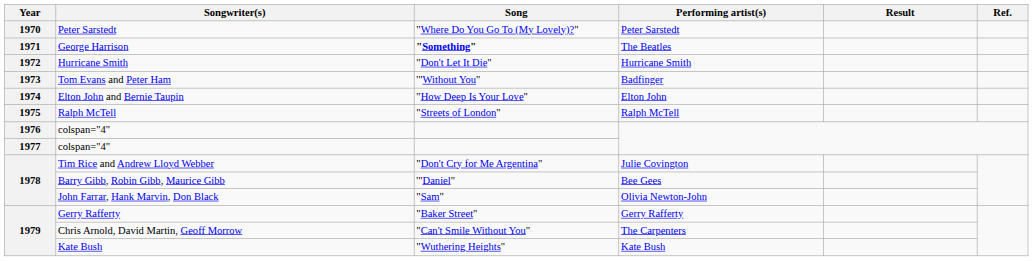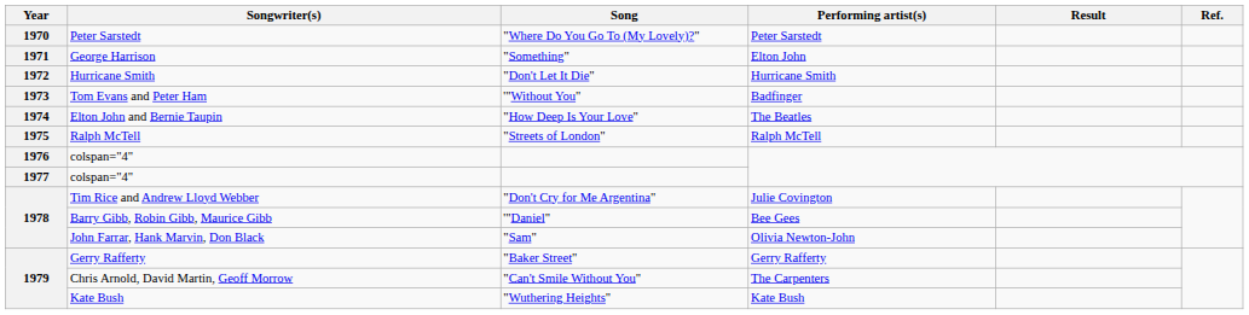 <table class="wikitable sortable" style="width:98%">
 <tr>
 <th scope="col" width="5%">Year</th>
 <th scope="col" width="35%">Songwriter(s)</th>
 <th scope="col" width="20%">Song</th>
 <th scope="col" width="20%">Performing artist(s)</th>
 <th scope="col" width="15%">Result</th>
 <th scope="col" class="unsortable" width="5%">Ref.</th>
 </tr>
 <tr>
 <th scope="row">1970</th>
 <td><a href='#'>Peter Sarstedt</a></td>
 <td>"<a href='#'>Where Do You Go To (My Lovely)?</a>"</td>
 <td><a href='#'>Peter Sarstedt</a></td>
 <td></td>
 <td align="center"></td>
 </tr>
 <tr>
 <th scope="row">1971</th>
 <td><a href='#'>George Harrison</a></td>
-<td><strong>"<a href='#'>Something</a>"</strong></td>
-<td><a href='#'>The Beatles</a></td>
+<td>"<a href='#'>Something</a>"</td>
+<td><a href='#'>Elton John</a></td>
 <td></td>
 <td align="center"></td>
 </tr>
 <tr>
 <th scope="row">1972</th>
 <td><a href='#'>Hurricane Smith</a></td>
 <td>"<a href='#'>Don't Let It Die</a>"</td>
 <td><a href='#'>Hurricane Smith</a></td>
 <td></td>
 <td align="center"></td>
 </tr>
 <tr>
 <th scope="row">1973</th>
 <td><a href='#'>Tom Evans</a> and <a href='#'>Peter Ham</a></td>
 <td>'"<a href='#'>Without You</a>"</td>
 <td><a href='#'>Badfinger</a></td>
 <td></td>
 <td align="center"></td>
 </tr>
 <tr>
 <th scope="row">1974</th>
 <td><a href='#'>Elton John</a> and <a href='#'>Bernie Taupin</a></td>
 <td>"<a href='#'>How Deep Is Your Love</a>"</td>
-<td><a href='#'>Elton John</a></td>
+<td><a href='#'>The Beatles</a></td>
 <td></td>
 <td align="center"></td>
 </tr>
 <tr>
 <th scope="row">1975</th>
 <td><a href='#'>Ralph McTell</a></td>
 <td>"<a href='#'>Streets of London</a>"</td>
 <td><a href='#'>Ralph McTell</a></td>
 <td></td>
 <td align="center"></td>
 </tr>
 <tr>
 <th scope="row">1976</th>
 <td>colspan="4" </td>
 <td align="center"></td>
 </tr>
 <tr>
 <th scope="row">1977</th>
 <td>colspan="4" </td>
 <td align="center"></td>
 </tr>
 <tr>
 <th scope="row" rowspan="3">1978</th>
 <td><a href='#'>Tim Rice</a> and <a href='#'>Andrew Lloyd Webber</a></td>
 <td>"<a href='#'>Don't Cry for Me Argentina</a>"</td>
 <td><a href='#'>Julie Covington</a></td>
 <td></td>
 <td align="center" rowspan="3"></td>
 </tr>
 <tr>
 <td><a href='#'>Barry Gibb</a>, <a href='#'>Robin Gibb</a>, <a href='#'>Maurice Gibb</a></td>
 <td>'"<a href='#'>Daniel</a>"</td>
 <td><a href='#'>Bee Gees</a></td>
 <td></td>
 </tr>
 <tr>
 <td><a href='#'>John Farrar</a>, <a href='#'>Hank Marvin</a>, <a href='#'>Don Black</a></td>
 <td>"<a href='#'>Sam</a>"</td>
 <td><a href='#'>Olivia Newton-John</a></td>
 <td></td>
 </tr>
 <tr>
 <th scope="row" rowspan="3">1979</th>
 <td><a href='#'>Gerry Rafferty</a></td>
 <td>"<a href='#'>Baker Street</a>"</td>
 <td><a href='#'>Gerry Rafferty</a></td>
 <td></td>
 <td align="center" rowspan="3"></td>
 </tr>
 <tr>
 <td>Chris Arnold, David Martin, <a href='#'>Geoff Morrow</a></td>
 <td>"<a href='#'>Can't Smile Without You</a>"</td>
 <td><a href='#'>The Carpenters</a></td>
 <td></td>
 </tr>
 <tr>
 <td><a href='#'>Kate Bush</a></td>
 <td>"<a href='#'>Wuthering Heights</a>"</td>
 <td><a href='#'>Kate Bush</a></td>
 <td></td>
 </tr>
 </table>
